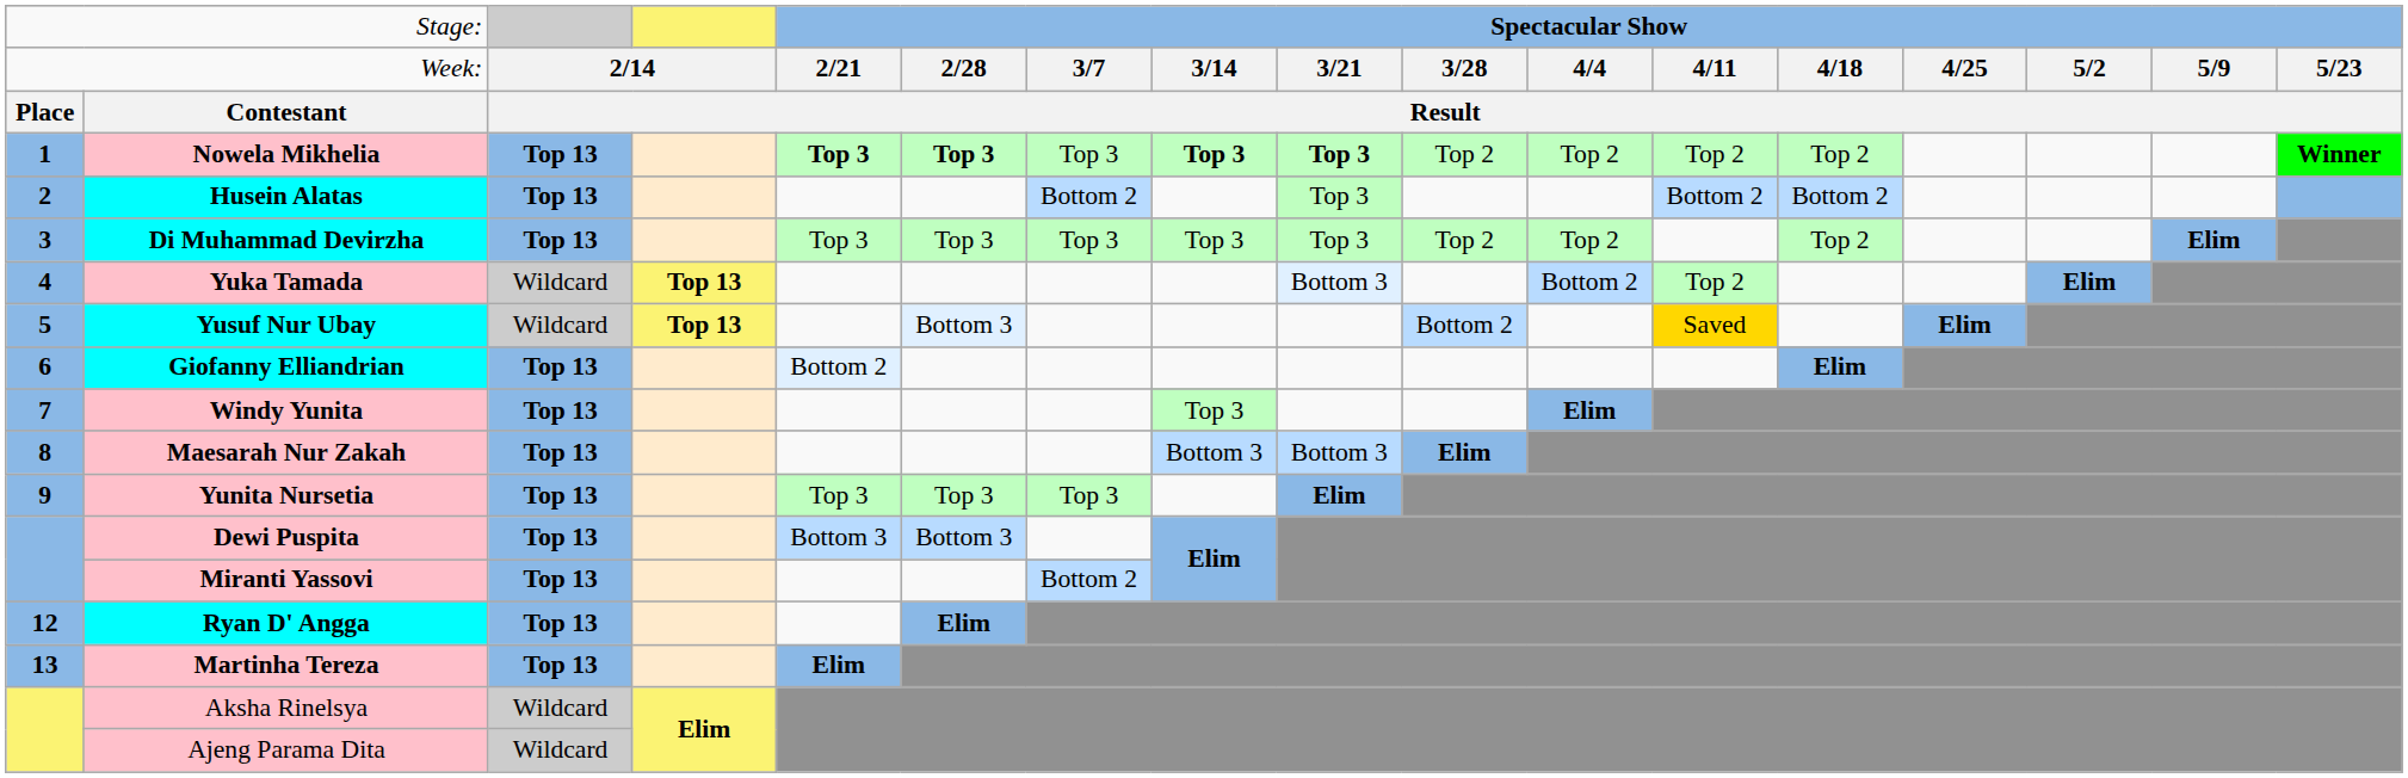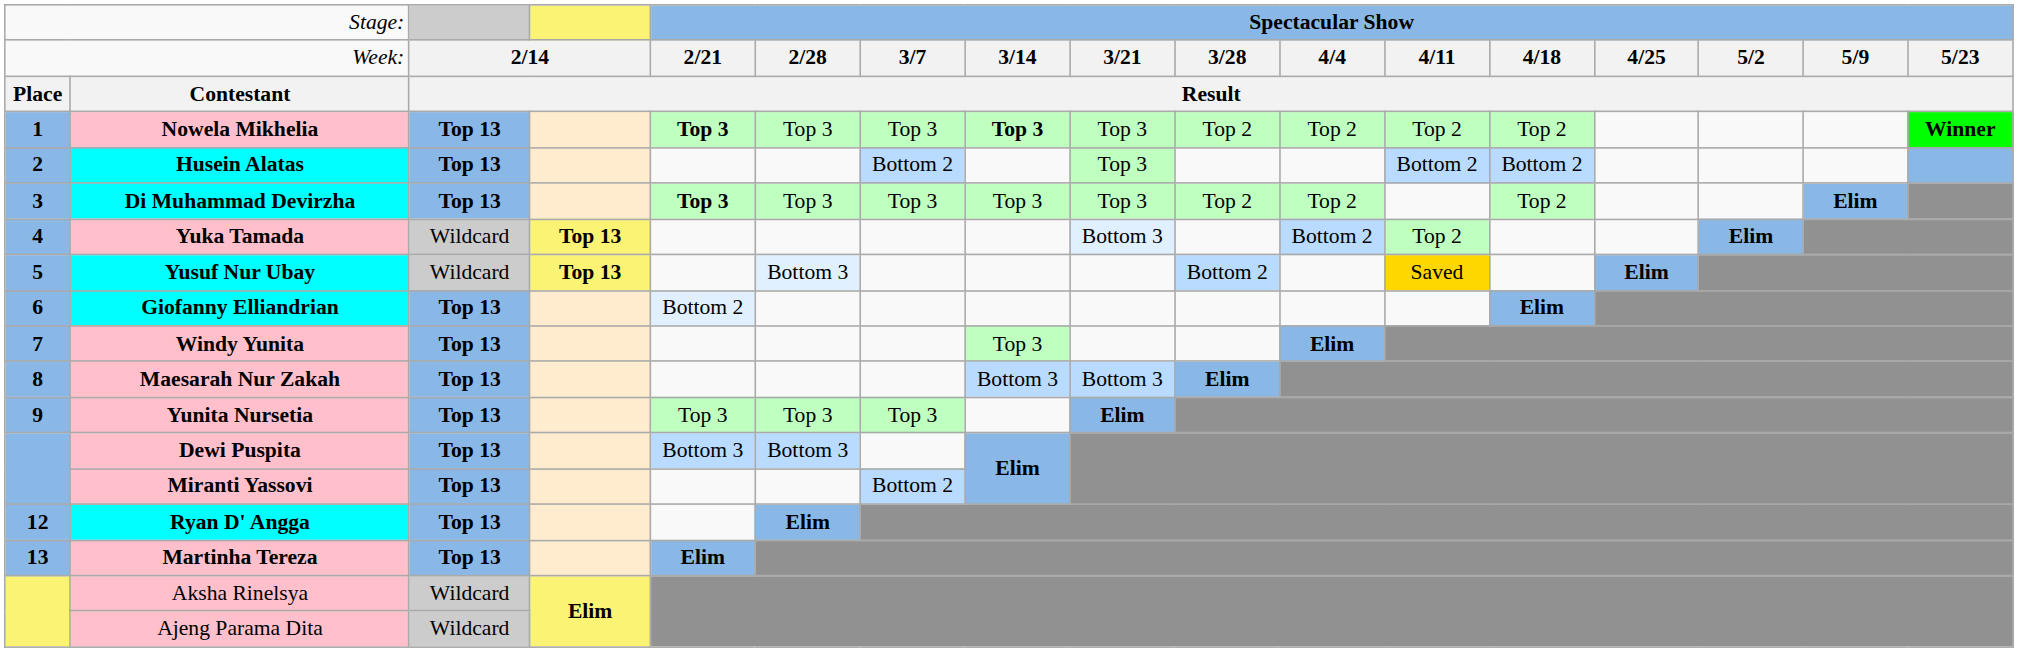 <table class="wikitable" style="margin:1em auto; text-align:center; font-size:85%">
 <tr>
 <td colspan="2" style="text-align:right;"><em>Stage:</em></td>
 <td width=6% style="background:#ccc;"></td>
 <td width=6% style="background:#fbf373;"></td>
 <td colspan="13" style="background:#8ab8e6;"><strong>Spectacular Show</strong></td>
 </tr>
 <tr>
 <td colspan="2" style="text-align:right;"><em>Week:</em></td>
 <th style="width:120px;" colspan=2>2/14</th>
 <th style="width:60px;">2/21</th>
 <th style="width:60px;">2/28</th>
 <th style="width:60px;">3/7</th>
 <th style="width:60px;">3/14</th>
 <th style="width:60px;">3/21</th>
 <th style="width:60px;">3/28</th>
 <th style="width:60px;">4/4</th>
 <th style="width:60px;">4/11</th>
 <th style="width:60px;">4/18</th>
 <th style="width:60px;">4/25</th>
 <th style="width:60px;">5/2</th>
 <th style="width:60px;">5/9</th>
 <th style="width:60px;">5/23</th>
 </tr>
 <tr>
 <th style="width:35px;">Place</th>
 <th style="width:210px;">Contestant</th>
 <th colspan="15">Result</th>
 </tr>
 <tr>
 <td style="background:#8ab8e6;"><strong>1</strong></td>
 <td style="background:pink;"><strong>Nowela Mikhelia</strong></td>
 <td style="background:#8ab8e6;"><strong>Top 13</strong></td>
 <td style="background:#FFEBCD;"></td>
 <td style="background:#bfffc0;"><strong>Top 3</strong></td>
+<td style="background:#bfffc0;">Top 3</td>
+<td style="background:#bfffc0;">Top 3</td>
 <td style="background:#bfffc0;"><strong>Top 3</strong></td>
 <td style="background:#bfffc0;">Top 3</td>
-<td style="background:#bfffc0;"><strong>Top 3</strong></td>
-<td style="background:#bfffc0;"><strong>Top 3</strong></td>
 <td style="background:#bfffc0;">Top 2</td>
 <td style="background:#bfffc0;">Top 2</td>
 <td style="background:#bfffc0;">Top 2</td>
 <td style="background:#bfffc0;">Top 2</td>
 <td></td>
 <td></td>
 <td></td>
 <td style="background:lime"><strong>Winner</strong></td>
 </tr>
 <tr>
 <td style="background:#8ab8e6;"><strong>2</strong></td>
 <td style="background:cyan;"><strong>Husein Alatas</strong></td>
 <td style="background:#8ab8e6;"><strong>Top 13</strong></td>
 <td style="background:#FFEBCD;"></td>
 <td></td>
 <td></td>
 <td style="background:#b8dbff;">Bottom 2</td>
 <td></td>
 <td style="background:#bfffc0;">Top 3</td>
 <td></td>
 <td></td>
 <td style="background:#b8dbff;">Bottom 2</td>
 <td style="background:#b8dbff;">Bottom 2</td>
 <td></td>
 <td></td>
 <td></td>
 <td style="background:#8ab8e6;"></td>
 </tr>
 <tr>
 <td style="background:#8ab8e6;"><strong>3</strong></td>
 <td style="background:cyan;"><strong>Di Muhammad Devirzha</strong></td>
 <td style="background:#8ab8e6;"><strong>Top 13</strong></td>
 <td style="background:#FFEBCD;"></td>
-<td style="background:#bfffc0;">Top 3</td>
+<td style="background:#bfffc0;"><strong>Top 3</strong></td>
 <td style="background:#bfffc0;">Top 3</td>
 <td style="background:#bfffc0;">Top 3</td>
 <td style="background:#bfffc0;">Top 3</td>
 <td style="background:#bfffc0;">Top 3</td>
 <td style="background:#bfffc0;">Top 2</td>
 <td style="background:#bfffc0;">Top 2</td>
 <td></td>
 <td style="background:#bfffc0;">Top 2</td>
 <td></td>
 <td></td>
 <td style="background:#8ab8e6;"><strong>Elim</strong></td>
 <td style="background:#919191;"></td>
 </tr>
 <tr>
 <td style="background:#8ab8e6;"><strong>4</strong></td>
 <td style="background:pink;"><strong>Yuka Tamada</strong></td>
 <td style="background:#ccc;">Wildcard</td>
 <td style="background:#fbf373;"><strong>Top 13</strong></td>
 <td></td>
 <td></td>
 <td></td>
 <td></td>
 <td style="background:#e0f0ff;">Bottom 3</td>
 <td></td>
 <td style="background:#b8dbff;">Bottom 2</td>
 <td style="background:#bfffc0;">Top 2</td>
 <td></td>
 <td></td>
 <td style="background:#8ab8e6;"><strong>Elim</strong></td>
 <td style="background:#919191;" colspan="2"></td>
 </tr>
 <tr>
 <td style="background:#8ab8e6;"><strong>5</strong></td>
 <td style="background:cyan;"><strong>Yusuf Nur Ubay</strong></td>
 <td style="background:#ccc;">Wildcard</td>
 <td style="background:#fbf373;"><strong>Top 13</strong></td>
 <td></td>
 <td style="background:#e0f0ff;">Bottom 3</td>
 <td></td>
 <td></td>
 <td></td>
 <td style="background:#b8dbff;">Bottom 2</td>
 <td></td>
 <td style="background:gold;">Saved</td>
 <td></td>
 <td style="background:#8ab8e6;"><strong>Elim</strong></td>
 <td style="background:#919191;" colspan="3"></td>
 </tr>
 <tr>
 <td style="background:#8ab8e6;"><strong>6</strong></td>
 <td style="background:cyan;"><strong>Giofanny Elliandrian</strong></td>
 <td style="background:#8ab8e6;"><strong>Top 13</strong></td>
 <td style="background:#FFEBCD;"></td>
 <td style="background:#e0f0ff;">Bottom 2</td>
 <td></td>
 <td></td>
 <td></td>
 <td></td>
 <td></td>
 <td></td>
 <td></td>
 <td style="background:#8ab8e6;"><strong>Elim</strong></td>
 <td style="background:#919191;" colspan="4"></td>
 </tr>
 <tr>
 <td style="background:#8ab8e6;"><strong>7</strong></td>
 <td style="background:pink;"><strong>Windy Yunita</strong></td>
 <td style="background:#8ab8e6;"><strong>Top 13</strong></td>
 <td style="background:#FFEBCD;"></td>
 <td></td>
 <td></td>
 <td></td>
 <td style="background:#bfffc0;">Top 3</td>
 <td></td>
 <td></td>
 <td style="background:#8ab8e6;"><strong>Elim</strong></td>
 <td style="background:#919191;" colspan="6"></td>
 </tr>
 <tr>
 <td style="background:#8ab8e6;"><strong>8</strong></td>
 <td style="background:pink;"><strong>Maesarah Nur Zakah</strong></td>
 <td style="background:#8ab8e6;"><strong>Top 13</strong></td>
 <td style="background:#FFEBCD;"></td>
 <td></td>
 <td></td>
 <td></td>
 <td style="background:#b8dbff;">Bottom 3</td>
 <td style="background:#b8dbff;">Bottom 3</td>
 <td style="background:#8ab8e6;"><strong>Elim</strong></td>
 <td style="background:#919191;" colspan="7"></td>
 </tr>
 <tr>
 <td style="background:#8ab8e6;"><strong>9</strong></td>
 <td style="background:pink;"><strong>Yunita Nursetia</strong></td>
 <td style="background:#8ab8e6;"><strong>Top 13</strong></td>
 <td style="background:#FFEBCD;"></td>
 <td style="background:#bfffc0;">Top 3</td>
 <td style="background:#bfffc0;">Top 3</td>
 <td style="background:#bfffc0;">Top 3</td>
 <td></td>
 <td style="background:#8ab8e6;"><strong>Elim</strong></td>
 <td style="background:#919191;" colspan="8"></td>
 </tr>
 <tr>
 <td rowspan="2" style="background:#8ab8e6;"></td>
 <td style="background:pink;"><strong>Dewi Puspita</strong></td>
 <td style="background:#8ab8e6;"><strong>Top 13</strong></td>
 <td style="background:#FFEBCD;"></td>
 <td style="background:#b8dbff;">Bottom 3</td>
 <td style="background:#b8dbff;">Bottom 3</td>
 <td></td>
 <td style="background:#8ab8e6;" rowspan="2"><strong>Elim</strong></td>
 <td style="background:#919191;" colspan="9" rowspan="2"></td>
 </tr>
 <tr>
 <td style="background:pink;"><strong>Miranti Yassovi</strong></td>
 <td style="background:#8ab8e6;"><strong>Top 13</strong></td>
 <td style="background:#FFEBCD;"></td>
 <td></td>
 <td></td>
 <td style="background:#b8dbff;">Bottom 2</td>
 </tr>
 <tr>
 <td style="background:#8ab8e6;"><strong>12</strong></td>
 <td style="background:cyan;"><strong>Ryan D' Angga</strong></td>
 <td style="background:#8ab8e6;"><strong>Top 13</strong></td>
 <td style="background:#FFEBCD;"></td>
 <td></td>
 <td style="background:#8ab8e6;"><strong>Elim</strong></td>
 <td style="background:#919191;" colspan="11"></td>
 </tr>
 <tr>
 <td style="background:#8ab8e6;"><strong>13</strong></td>
 <td style="background:pink;"><strong>Martinha Tereza</strong></td>
 <td style="background:#8ab8e6;"><strong>Top 13</strong></td>
 <td style="background:#FFEBCD;"></td>
 <td style="background:#8ab8e6;"><strong>Elim</strong></td>
 <td style="background:#919191;" colspan="12"></td>
 </tr>
 <tr>
 <td style="background:#fbf373;" rowspan="2"></td>
 <td style="background:pink;">Aksha Rinelsya</td>
 <td style="background:#ccc;">Wildcard</td>
 <td style="background:#fbf373;" rowspan="2"><strong>Elim</strong></td>
 <td style="background:#919191;" colspan="13" rowspan="2"></td>
 </tr>
 <tr>
 <td style="background:pink;">Ajeng Parama Dita</td>
 <td style="background:#ccc;">Wildcard</td>
 </tr>
 </table>
